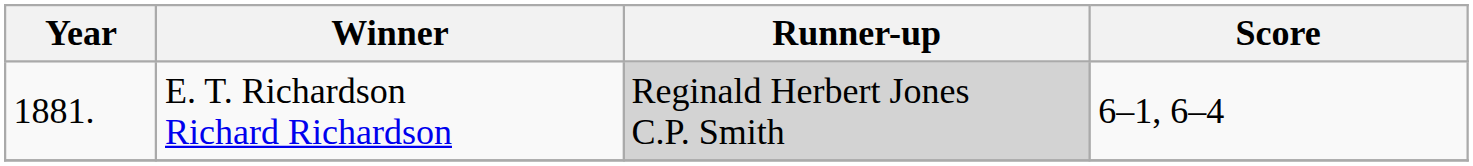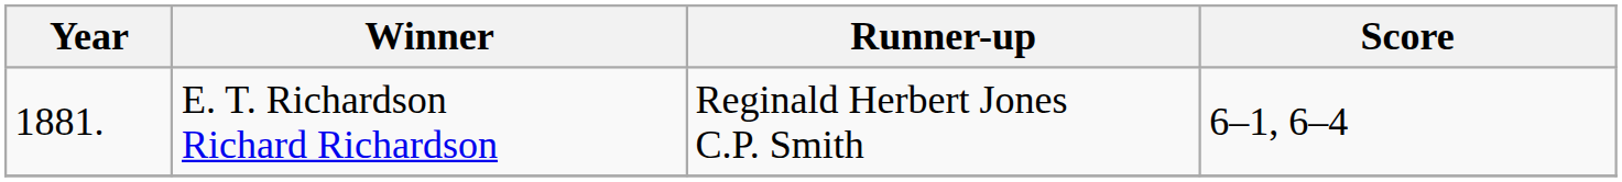 <table class="wikitable">
 <tr>
 <th style="width:60px;">Year</th>
 <th style="width:200px;">Winner</th>
 <th style="width:200px;">Runner-up</th>
 <th style="width:160px;">Score</th>
 </tr>
 <tr>
 <td>1881.</td>
 <td> E. T. Richardson<br> <a href='#'>Richard Richardson</a></td>
-<td style="background: lightgrey;"> Reginald Herbert Jones<br> C.P. Smith</td>
+<td> Reginald Herbert Jones<br> C.P. Smith</td>
 <td>6–1, 6–4</td>
 </tr>
 <tr>
 </tr>
 </table>
